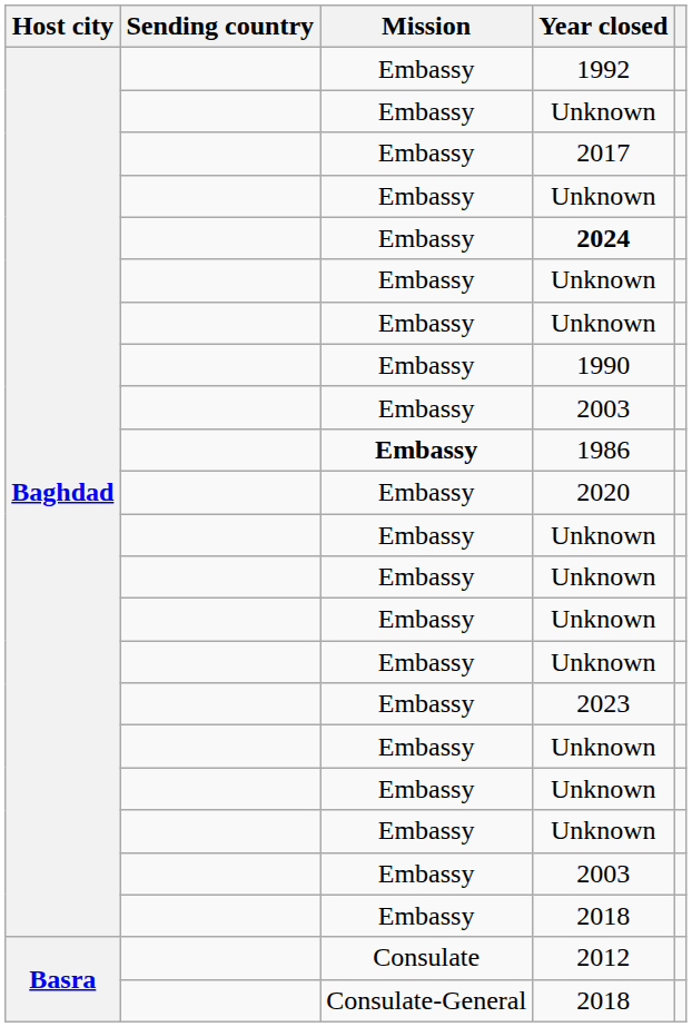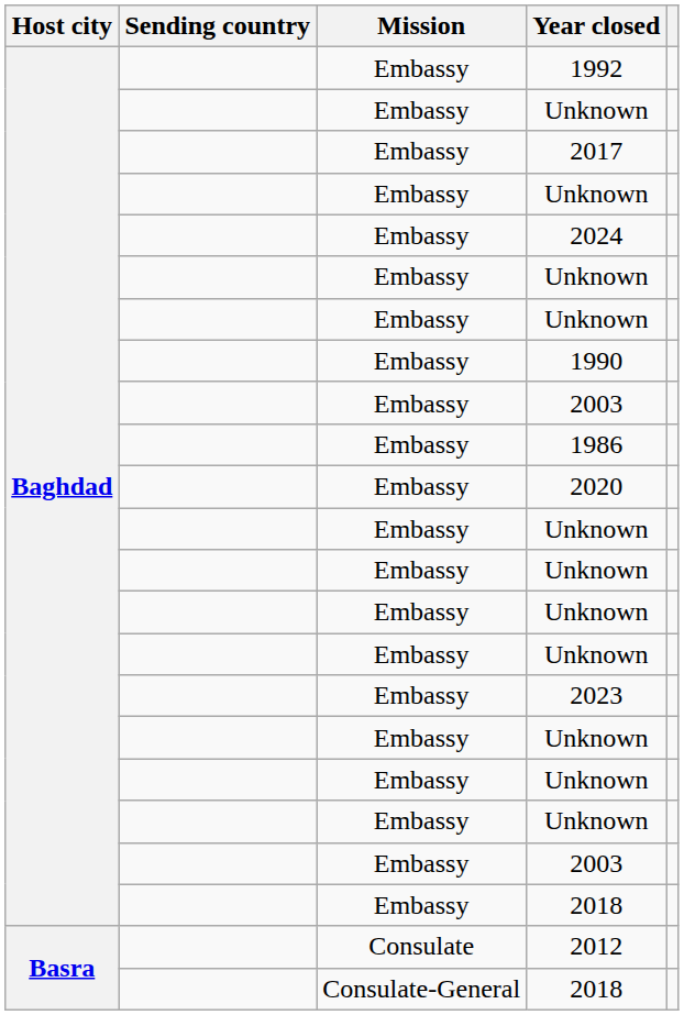 <table class="wikitable plainrowheaders">
 <tr>
 <th scope="col">Host city</th>
 <th scope="col">Sending country</th>
 <th scope="col">Mission</th>
 <th scope="col">Year closed</th>
 <th scope="col"></th>
 </tr>
 <tr>
 <th rowspan="21"><a href='#'>Baghdad</a></th>
 <td></td>
 <td style="text-align:center;">Embassy</td>
 <td style="text-align:center;">1992</td>
 <td style="text-align:center;"></td>
 </tr>
 <tr>
 <td></td>
 <td style="text-align:center;">Embassy</td>
 <td style="text-align:center;">Unknown</td>
 <td style="text-align:center;"></td>
 </tr>
 <tr>
 <td></td>
 <td style="text-align:center;">Embassy</td>
 <td style="text-align:center;">2017</td>
 <td style="text-align:center;"></td>
 </tr>
 <tr>
 <td></td>
 <td style="text-align:center;">Embassy</td>
 <td style="text-align:center;">Unknown</td>
 <td style="text-align:center;"></td>
 </tr>
 <tr>
 <td></td>
 <td style="text-align:center;">Embassy</td>
-<td style="text-align:center;"><strong>2024</strong></td>
+<td style="text-align:center;">2024</td>
 <td style="text-align:center;"></td>
 </tr>
 <tr>
 <td></td>
 <td style="text-align:center;">Embassy</td>
 <td style="text-align:center;">Unknown</td>
 <td style="text-align:center;"></td>
 </tr>
 <tr>
 <td></td>
 <td style="text-align:center;">Embassy</td>
 <td style="text-align:center;">Unknown</td>
 <td style="text-align:center;"></td>
 </tr>
 <tr>
 <td></td>
 <td style="text-align:center;">Embassy</td>
 <td style="text-align:center;">1990</td>
 <td style="text-align:center;"></td>
 </tr>
 <tr>
 <td></td>
 <td style="text-align:center;">Embassy</td>
 <td style="text-align:center;">2003</td>
 <td style="text-align:center;"></td>
 </tr>
 <tr>
 <td></td>
-<td style="text-align:center;"><strong>Embassy</strong></td>
+<td style="text-align:center;">Embassy</td>
 <td style="text-align:center;">1986</td>
 <td style="text-align:center;"></td>
 </tr>
 <tr>
 <td></td>
 <td style="text-align:center;">Embassy</td>
 <td style="text-align:center;">2020</td>
 <td style="text-align:center;"></td>
 </tr>
 <tr>
 <td></td>
 <td style="text-align:center;">Embassy</td>
 <td style="text-align:center;">Unknown</td>
 <td style="text-align:center;"></td>
 </tr>
 <tr>
 <td></td>
 <td style="text-align:center;">Embassy</td>
 <td style="text-align:center;">Unknown</td>
 <td style="text-align:center;"></td>
 </tr>
 <tr>
 <td></td>
 <td style="text-align:center;">Embassy</td>
 <td style="text-align:center;">Unknown</td>
 <td style="text-align:center;"></td>
 </tr>
 <tr>
 <td></td>
 <td style="text-align:center;">Embassy</td>
 <td style="text-align:center;">Unknown</td>
 <td style="text-align:center;"></td>
 </tr>
 <tr>
 <td></td>
 <td style="text-align:center;">Embassy</td>
 <td style="text-align:center;">2023</td>
 <td style="text-align:center;"></td>
 </tr>
 <tr>
 <td></td>
 <td style="text-align:center;">Embassy</td>
 <td style="text-align:center;">Unknown</td>
 <td style="text-align:center;"></td>
 </tr>
 <tr>
 <td></td>
 <td style="text-align:center;">Embassy</td>
 <td style="text-align:center;">Unknown</td>
 <td style="text-align:center;"></td>
 </tr>
 <tr>
 <td></td>
 <td style="text-align:center;">Embassy</td>
 <td style="text-align:center;">Unknown</td>
 <td style="text-align:center;"></td>
 </tr>
 <tr>
 <td></td>
 <td style="text-align:center;">Embassy</td>
 <td style="text-align:center;">2003</td>
 <td style="text-align:center;"></td>
 </tr>
 <tr>
 <td></td>
 <td style="text-align:center;">Embassy</td>
 <td style="text-align:center;">2018</td>
 <td style="text-align:center;"></td>
 </tr>
 <tr>
 <th rowspan="2"><a href='#'>Basra</a></th>
 <td></td>
 <td style="text-align:center;">Consulate</td>
 <td style="text-align:center;">2012</td>
 <td style="text-align:center;"></td>
 </tr>
 <tr>
 <td></td>
 <td style="text-align:center;">Consulate-General</td>
 <td style="text-align:center;">2018</td>
 <td style="text-align:center;"></td>
 </tr>
 </table>
